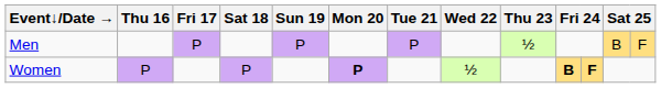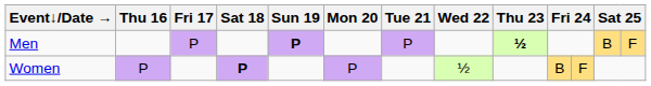 <table class="wikitable" style="margin:0.5em auto; font-size:90%; line-height:1.25em;">
 <tr style="text-align:center;">
 <th>Event↓/Date →</th>
 <th>Thu 16</th>
 <th>Fri 17</th>
 <th>Sat 18</th>
 <th>Sun 19</th>
 <th>Mon 20</th>
 <th>Tue 21</th>
 <th>Wed 22</th>
 <th>Thu 23</th>
 <th colspan=2>Fri 24</th>
 <th colspan=2>Sat 25</th>
 </tr>
 <tr style="text-align:center;">
 <td style="text-align:left;"><a href='#'>Men</a></td>
 <td></td>
 <td style="background-color:#D0A9F5;">P</td>
 <td></td>
-<td style="background-color:#D0A9F5;">P</td>
+<td style="background-color:#D0A9F5;"><strong>P</strong></td>
 <td></td>
 <td style="background-color:#D0A9F5;">P</td>
 <td></td>
-<td style="background-color:#D9FFB2;">½</td>
+<td style="background-color:#D9FFB2;"><strong>½</strong></td>
 <td colspan=2></td>
 <td style="background-color:#FFDF80;">B</td>
 <td style="background-color:#FFDF80;">F</td>
 </tr>
 <tr style="text-align:center;">
 <td style="text-align:left;"><a href='#'>Women</a></td>
 <td style="background-color:#D0A9F5;">P</td>
 <td></td>
+<td style="background-color:#D0A9F5;"><strong>P</strong></td>
+<td></td>
 <td style="background-color:#D0A9F5;">P</td>
-<td></td>
-<td style="background-color:#D0A9F5;"><strong>P</strong></td>
 <td></td>
 <td style="background-color:#D9FFB2;">½</td>
 <td></td>
-<td style="background-color:#FFDF80;"><strong>B</strong></td>
-<td style="background-color:#FFDF80;"><strong>F</strong></td>
+<td style="background-color:#FFDF80;">B</td>
+<td style="background-color:#FFDF80;">F</td>
 <td colspan=2></td>
 </tr>
 </table>
